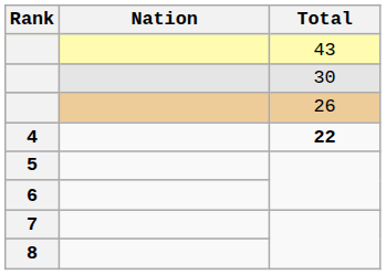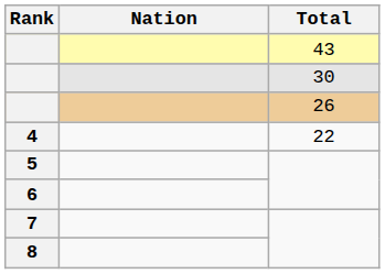 <table class="wikitable sortable" style="text-align:center; font-size:85%">
 <tr>
 <th scope="col" style="width:25px;">Rank</th>
 <th ! scope="col" style="width:120px;">Nation</th>
 <th ! scope="col" style="width:60px;">Total</th>
 </tr>
 <tr bgcolor=fffcaf>
 <th scope=row></th>
 <td align=left></td>
 <td>43</td>
 </tr>
 <tr bgcolor=e5e5e5>
 <th scope=row></th>
 <td align=left></td>
 <td>30</td>
 </tr>
 <tr bgcolor=eecc99>
 <th scope=row></th>
 <td align=left></td>
 <td>26</td>
 </tr>
 <tr>
 <th scope=row>4</th>
 <td align=left></td>
-<td><strong>22</strong></td>
+<td>22</td>
 </tr>
 <tr>
 <th scope=row>5</th>
 <td align=left></td>
 <td rowspan=2></td>
 </tr>
 <tr>
 <th scope=row>6</th>
 <td align=left></td>
 </tr>
 <tr>
 <th scope=row>7</th>
 <td align=left></td>
 <td rowspan=2></td>
 </tr>
 <tr>
 <th scope=row>8</th>
 <td align=left></td>
 </tr>
 </table>
